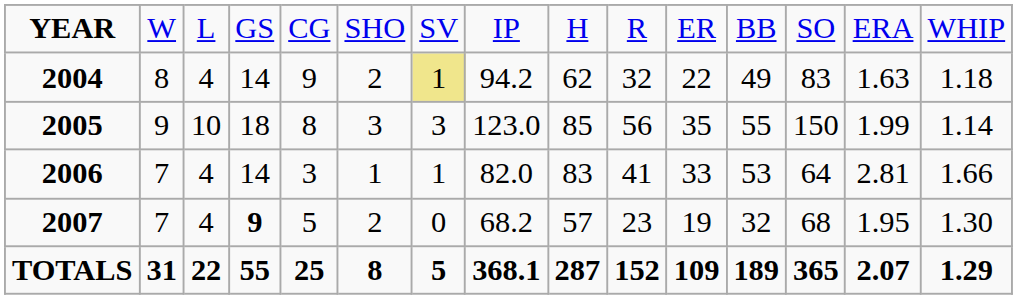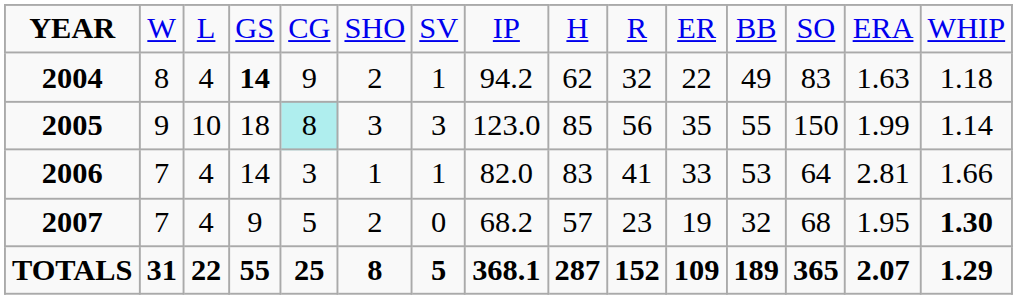 <table class="wikitable">
 <tr align=center>
 <td><strong>YEAR</strong></td>
 <td><a href='#'>W</a></td>
 <td><a href='#'>L</a></td>
 <td><a href='#'>GS</a></td>
 <td><a href='#'>CG</a></td>
 <td><a href='#'>SHO</a></td>
 <td><a href='#'>SV</a></td>
 <td><a href='#'>IP</a></td>
 <td><a href='#'>H</a></td>
 <td><a href='#'>R</a></td>
 <td><a href='#'>ER</a></td>
 <td><a href='#'>BB</a></td>
 <td><a href='#'>SO</a></td>
 <td><a href='#'>ERA</a></td>
 <td><a href='#'>WHIP</a></td>
 </tr>
 <tr align=center>
 <td><strong>2004</strong></td>
 <td>8</td>
 <td>4</td>
-<td>14</td>
+<td><strong>14</strong></td>
 <td>9</td>
 <td>2</td>
-<td style="background: khaki;">1</td>
+<td>1</td>
 <td>94.2</td>
 <td>62</td>
 <td>32</td>
 <td>22</td>
 <td>49</td>
 <td>83</td>
 <td>1.63</td>
 <td>1.18</td>
 </tr>
 <tr align=center>
 <td><strong>2005</strong></td>
 <td>9</td>
 <td>10</td>
 <td>18</td>
-<td>8</td>
+<td style="background: paleturquoise;">8</td>
 <td>3</td>
 <td>3</td>
 <td>123.0</td>
 <td>85</td>
 <td>56</td>
 <td>35</td>
 <td>55</td>
 <td>150</td>
 <td>1.99</td>
 <td>1.14</td>
 </tr>
 <tr align=center>
 <td><strong>2006</strong></td>
 <td>7</td>
 <td>4</td>
 <td>14</td>
 <td>3</td>
 <td>1</td>
 <td>1</td>
 <td>82.0</td>
 <td>83</td>
 <td>41</td>
 <td>33</td>
 <td>53</td>
 <td>64</td>
 <td>2.81</td>
 <td>1.66</td>
 </tr>
 <tr align=center>
 <td><strong>2007</strong></td>
 <td>7</td>
 <td>4</td>
-<td><strong>9</strong></td>
+<td>9</td>
 <td>5</td>
 <td>2</td>
 <td>0</td>
 <td>68.2</td>
 <td>57</td>
 <td>23</td>
 <td>19</td>
 <td>32</td>
 <td>68</td>
 <td>1.95</td>
-<td>1.30</td>
+<td><strong>1.30</strong></td>
 </tr>
 <tr align=center>
 <td><strong>TOTALS</strong></td>
 <td><strong>31</strong></td>
 <td><strong>22</strong></td>
 <td><strong>55</strong></td>
 <td><strong>25</strong></td>
 <td><strong>8</strong></td>
 <td><strong>5</strong></td>
 <td><strong>368.1</strong></td>
 <td><strong>287</strong></td>
 <td><strong>152</strong></td>
 <td><strong>109</strong></td>
 <td><strong>189</strong></td>
 <td><strong>365</strong></td>
 <td><strong>2.07</strong></td>
 <td><strong>1.29</strong></td>
 </tr>
 </table>
